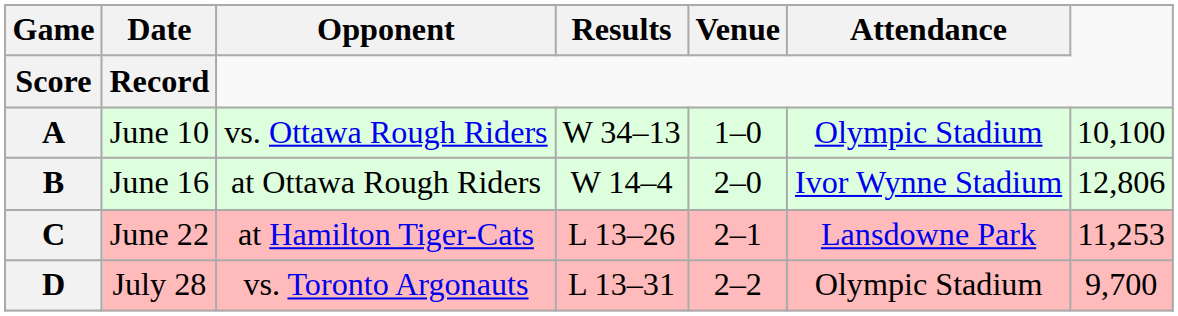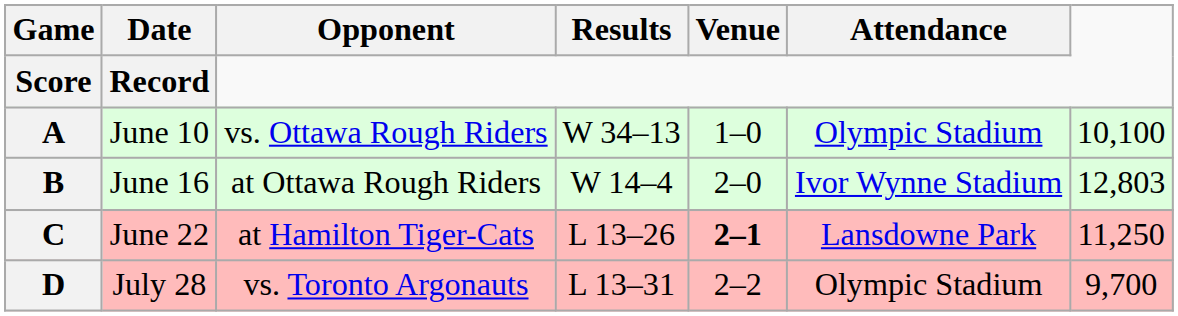 <table class="wikitable" style="text-align:center">
 <tr>
 <th>Game</th>
 <th>Date</th>
 <th>Opponent</th>
 <th>Results</th>
 <th>Venue</th>
 <th>Attendance</th>
 </tr>
 <tr>
 <th>Score</th>
 <th>Record</th>
 </tr>
 <tr style="background:#ddffdd">
 <th>A</th>
 <td>June 10</td>
 <td>vs. <a href='#'>Ottawa Rough Riders</a></td>
 <td>W 34–13</td>
 <td>1–0</td>
 <td><a href='#'>Olympic Stadium</a></td>
 <td>10,100</td>
 </tr>
 <tr style="background:#ddffdd">
 <th>B</th>
 <td>June 16</td>
 <td>at Ottawa Rough Riders</td>
 <td>W 14–4</td>
 <td>2–0</td>
 <td><a href='#'>Ivor Wynne Stadium</a></td>
-<td>12,806</td>
+<td>12,803</td>
 </tr>
 <tr style="background:#ffbbbb">
 <th>C</th>
 <td>June 22</td>
 <td>at <a href='#'>Hamilton Tiger-Cats</a></td>
 <td>L 13–26</td>
-<td>2–1</td>
+<td><strong>2–1</strong></td>
 <td><a href='#'>Lansdowne Park</a></td>
-<td>11,253</td>
+<td>11,250</td>
 </tr>
 <tr style="background:#ffbbbb">
 <th>D</th>
 <td>July 28</td>
 <td>vs. <a href='#'>Toronto Argonauts</a></td>
 <td>L 13–31</td>
 <td>2–2</td>
 <td>Olympic Stadium</td>
 <td>9,700</td>
 </tr>
 </table>
